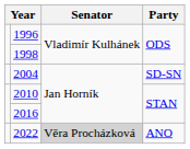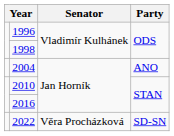 <table class="wikitable">
 <tr>
 <th colspan="2">Year</th>
 <th>Senator</th>
 <th>Party</th>
 </tr>
 <tr>
 <td rowspan="2" style="background-color:"></td>
 <td><a href='#'>1996</a></td>
 <td rowspan="2">Vladimír Kulhánek</td>
 <td rowspan="2"><a href='#'>ODS</a></td>
 </tr>
 <tr>
 <td><a href='#'>1998</a></td>
 </tr>
 <tr>
 <td style="background-color:"></td>
 <td><a href='#'>2004</a></td>
 <td rowspan="3">Jan Horník</td>
-<td><a href='#'>SD-SN</a></td>
+<td><a href='#'>ANO</a></td>
 </tr>
 <tr>
 <td rowspan="2" style="background-color:"></td>
 <td><a href='#'>2010</a></td>
 <td rowspan="2"><a href='#'>STAN</a></td>
 </tr>
 <tr>
 <td><a href='#'>2016</a></td>
 </tr>
 <tr>
 <td style="background-color:"></td>
 <td><a href='#'>2022</a></td>
-<td style="background: lightgrey;">Věra Procházková</td>
-<td><a href='#'>ANO</a></td>
+<td>Věra Procházková</td>
+<td><a href='#'>SD-SN</a></td>
 </tr>
 </table>
